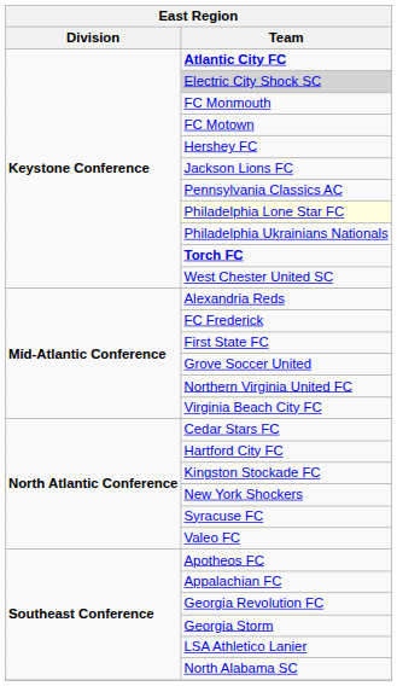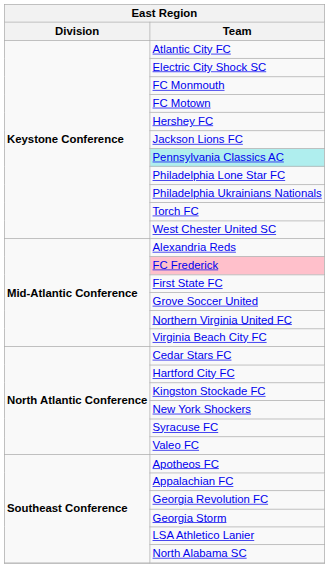 <table class="wikitable" style="text-align:left">
 <tr>
 <th colspan=3>East Region</th>
 </tr>
 <tr>
 <th>Division</th>
 <th>Team</th>
 </tr>
 <tr>
 <td rowspan=11><strong>Keystone Conference</strong></td>
-<td><strong><a href='#'>Atlantic City FC</a></strong></td>
+<td><a href='#'>Atlantic City FC</a></td>
 </tr>
 <tr>
-<td style="background: lightgrey;"><a href='#'>Electric City Shock SC</a></td>
+<td><a href='#'>Electric City Shock SC</a></td>
 </tr>
 <tr>
 <td><a href='#'>FC Monmouth</a></td>
 </tr>
 <tr>
 <td><a href='#'>FC Motown</a></td>
 </tr>
 <tr>
 <td><a href='#'>Hershey FC</a></td>
 </tr>
 <tr>
 <td><a href='#'>Jackson Lions FC</a></td>
 </tr>
 <tr>
-<td><a href='#'>Pennsylvania Classics AC</a></td>
+<td style="background: paleturquoise;"><a href='#'>Pennsylvania Classics AC</a></td>
 </tr>
 <tr>
-<td style="background: lightyellow;"><a href='#'>Philadelphia Lone Star FC</a></td>
+<td><a href='#'>Philadelphia Lone Star FC</a></td>
 </tr>
 <tr>
 <td><a href='#'>Philadelphia Ukrainians Nationals</a></td>
 </tr>
 <tr>
-<td><strong><a href='#'>Torch FC</a></strong></td>
+<td><a href='#'>Torch FC</a></td>
 </tr>
 <tr>
 <td><a href='#'>West Chester United SC</a></td>
 </tr>
 <tr>
 <td rowspan=6><strong>Mid-Atlantic Conference</strong></td>
 <td><a href='#'>Alexandria Reds</a></td>
 </tr>
 <tr>
-<td><a href='#'>FC Frederick</a></td>
+<td style="background: pink;"><a href='#'>FC Frederick</a></td>
 </tr>
 <tr>
 <td><a href='#'>First State FC</a></td>
 </tr>
 <tr>
 <td><a href='#'>Grove Soccer United</a></td>
 </tr>
 <tr>
 <td><a href='#'>Northern Virginia United FC</a></td>
 </tr>
 <tr>
 <td><a href='#'>Virginia Beach City FC</a></td>
 </tr>
 <tr>
 <td rowspan=6><strong>North Atlantic Conference</strong></td>
 <td><a href='#'>Cedar Stars FC</a></td>
 </tr>
 <tr>
 <td><a href='#'>Hartford City FC</a></td>
 </tr>
 <tr>
 <td><a href='#'>Kingston Stockade FC</a></td>
 </tr>
 <tr>
 <td><a href='#'>New York Shockers</a></td>
 </tr>
 <tr>
 <td><a href='#'>Syracuse FC</a></td>
 </tr>
 <tr>
 <td><a href='#'>Valeo FC</a></td>
 </tr>
 <tr>
 <td rowspan=6><strong>Southeast Conference</strong></td>
 <td><a href='#'>Apotheos FC</a></td>
 </tr>
 <tr>
 <td><a href='#'>Appalachian FC</a></td>
 </tr>
 <tr>
 <td><a href='#'>Georgia Revolution FC</a></td>
 </tr>
 <tr>
 <td><a href='#'>Georgia Storm</a></td>
 </tr>
 <tr>
 <td><a href='#'>LSA Athletico Lanier</a></td>
 </tr>
 <tr>
 <td><a href='#'>North Alabama SC</a></td>
 </tr>
 <tr>
 </tr>
 </table>
